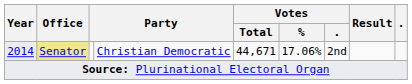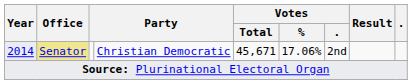 <table class="wikitable" style="font-size: 90%; text-align:center;">
 <tr>
 <th rowspan=2>Year</th>
 <th rowspan=2>Office</th>
 <th colspan=2 rowspan=2>Party</th>
 <th colspan=3>Votes</th>
 <th rowspan=2>Result</th>
 <th rowspan=2>.</th>
 </tr>
 <tr>
 <th>Total</th>
 <th>%</th>
 <th>.</th>
 </tr>
 <tr>
 <td style="background-color:#EAECF0;"><a href='#'>2014</a></td>
 <td style="background: khaki;"><a href='#'>Senator</a></td>
 <td style="background-color:"></td>
 <td><a href='#'>Christian Democratic</a></td>
-<td>44,671</td>
+<td>45,671</td>
 <td>17.06%</td>
 <td>2nd</td>
 <td></td>
 <td></td>
 </tr>
 <tr>
 <td style="background-color:#EAECF0;" colspan=9><strong>Source:</strong> <a href='#'>Plurinational Electoral Organ</a>  </td>
 </tr>
 </table>
